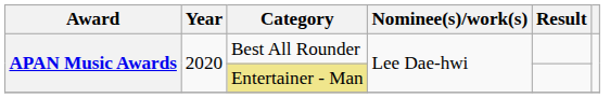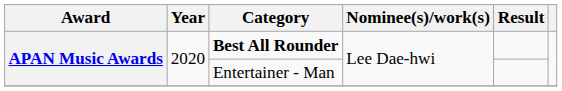 <table class="wikitable plainrowheaders">
 <tr>
 <th scope="col">Award</th>
 <th scope="col">Year</th>
 <th scope="col">Category</th>
 <th scope="col">Nominee(s)/work(s)</th>
 <th scope="col">Result</th>
 <th scope="col" class="unsortable"></th>
 </tr>
 <tr>
 <th scope="row" rowspan="2"><a href='#'>APAN Music Awards</a></th>
 <td rowspan="2">2020</td>
-<td>Best All Rounder</td>
+<td><strong>Best All Rounder</strong></td>
 <td rowspan="2">Lee Dae-hwi</td>
 <td></td>
 <td rowspan="2"></td>
 </tr>
 <tr>
-<td style="background: khaki;">Entertainer - Man</td>
+<td>Entertainer - Man</td>
 <td></td>
 </tr>
 <tr>
 </tr>
 </table>
